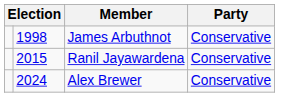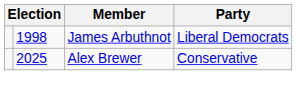 <table class="wikitable">
 <tr>
 <th colspan="2">Election</th>
 <th>Member</th>
 <th>Party</th>
 </tr>
 <tr>
 <td style="color:inherit;background-color: "></td>
 <td><a href='#'>1998</a></td>
 <td><a href='#'>James Arbuthnot</a></td>
-<td><a href='#'>Conservative</a></td>
+<td><a href='#'>Liberal Democrats</a></td>
 </tr>
 <tr>
 <td style="color:inherit;background-color: "></td>
-<td><a href='#'>2015</a></td>
-<td><a href='#'>Ranil Jayawardena</a></td>
-<td><a href='#'>Conservative</a></td>
-</tr>
-<tr>
-<td style="color:inherit;background-color: "></td>
-<td><a href='#'>2024</a></td>
+<td><a href='#'>2025</a></td>
 <td><a href='#'>Alex Brewer</a></td>
 <td><a href='#'>Conservative</a></td>
 </tr>
 </table>
